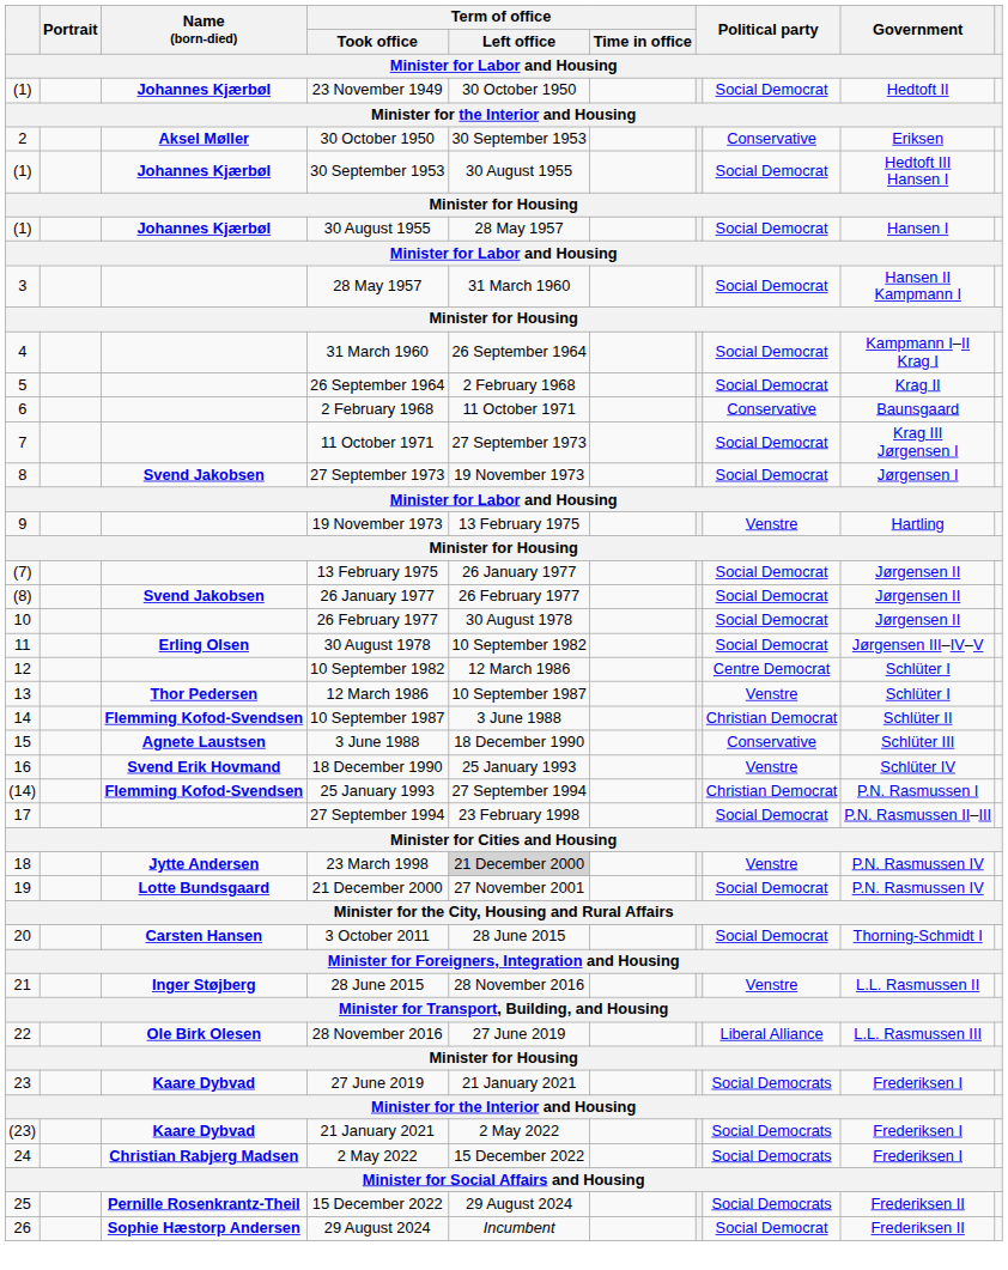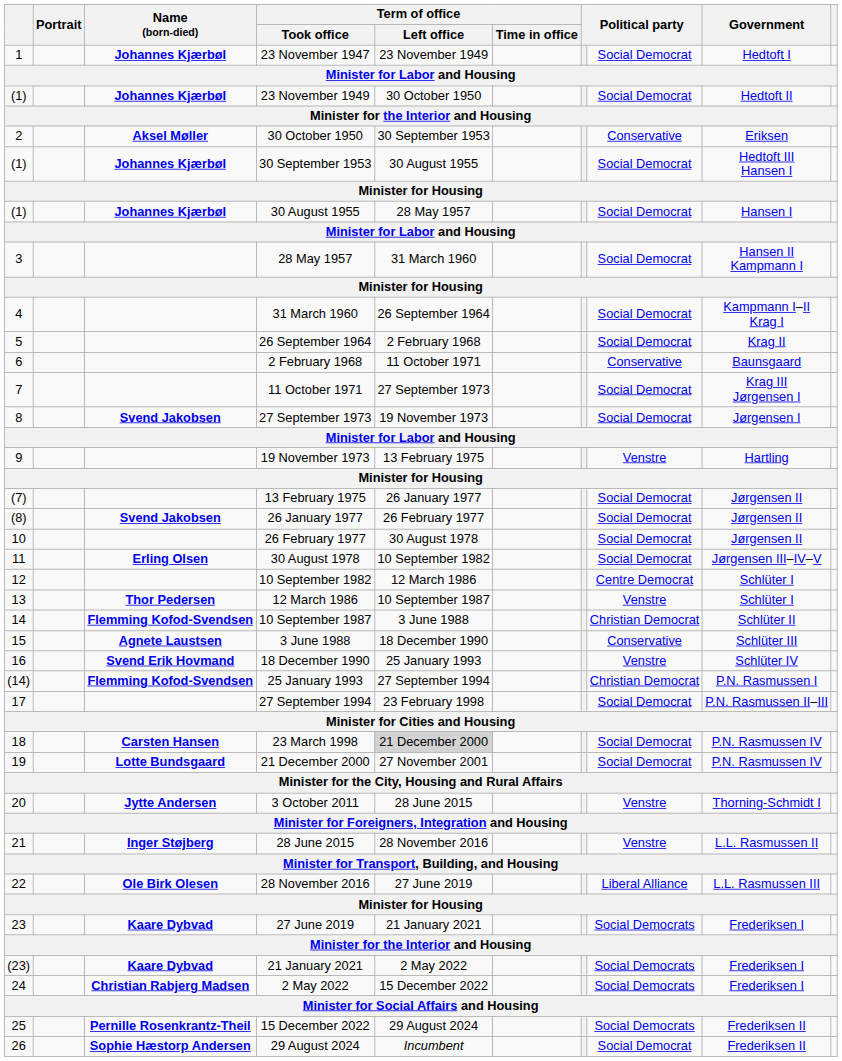 <table class="wikitable" style="text-align:center;">
 <tr>
 <th rowspan=2></th>
 <th rowspan=2>Portrait</th>
 <th rowspan=2>Name<br><small>(born-died)</small></th>
 <th colspan=3>Term of office</th>
 <th colspan=2 rowspan=2>Political party</th>
 <th rowspan=2>Government</th>
 <th rowspan=2></th>
 </tr>
 <tr>
 <th>Took office</th>
 <th>Left office</th>
 <th>Time in office</th>
+</tr>
+<tr>
+<td>1</td>
+<td></td>
+<td><strong><a href='#'>Johannes Kjærbøl</a></strong><br></td>
+<td>23 November 1947</td>
+<td>23 November 1949</td>
+<td></td>
+<th style="background:"></th>
+<td><a href='#'>Social Democrat</a></td>
+<td><a href='#'>Hedtoft I</a></td>
+<td></td>
 </tr>
 <tr>
 <th colspan=10><a href='#'>Minister for Labor</a> and Housing<br></th>
 </tr>
 <tr>
 <td>(1)</td>
 <td></td>
 <td><strong><a href='#'>Johannes Kjærbøl</a></strong><br></td>
 <td>23 November 1949</td>
 <td>30 October 1950</td>
 <td></td>
 <th style="background:"></th>
 <td><a href='#'>Social Democrat</a></td>
 <td><a href='#'>Hedtoft II</a></td>
 <td></td>
 </tr>
 <tr>
 <th colspan=10>Minister for <a href='#'>the Interior</a> and Housing<br></th>
 </tr>
 <tr>
 <td>2</td>
 <td></td>
 <td><strong><a href='#'>Aksel Møller</a></strong><br></td>
 <td>30 October 1950</td>
 <td>30 September 1953</td>
 <td></td>
 <th style="background:"></th>
 <td><a href='#'>Conservative</a></td>
 <td><a href='#'>Eriksen</a></td>
 <td></td>
 </tr>
 <tr>
 <td>(1)</td>
 <td></td>
 <td><strong><a href='#'>Johannes Kjærbøl</a></strong><br></td>
 <td>30 September 1953</td>
 <td>30 August 1955</td>
 <td></td>
 <th style="background:"></th>
 <td><a href='#'>Social Democrat</a></td>
 <td><a href='#'>Hedtoft III</a><br><a href='#'>Hansen I</a></td>
 <td></td>
 </tr>
 <tr>
 <th colspan=10>Minister for Housing<br></th>
 </tr>
 <tr>
 <td>(1)</td>
 <td></td>
 <td><strong><a href='#'>Johannes Kjærbøl</a></strong><br></td>
 <td>30 August 1955</td>
 <td>28 May 1957</td>
 <td></td>
 <th style="background:"></th>
 <td><a href='#'>Social Democrat</a></td>
 <td><a href='#'>Hansen I</a></td>
 <td></td>
 </tr>
 <tr>
 <th colspan=10><a href='#'>Minister for Labor</a> and Housing<br></th>
 </tr>
 <tr>
 <td>3</td>
 <td></td>
 <td><strong></strong><br></td>
 <td>28 May 1957</td>
 <td>31 March 1960</td>
 <td></td>
 <th style="background:"></th>
 <td><a href='#'>Social Democrat</a></td>
 <td><a href='#'>Hansen II</a><br><a href='#'>Kampmann I</a></td>
 <td></td>
 </tr>
 <tr>
 <th colspan=10>Minister for Housing<br></th>
 </tr>
 <tr>
 <td>4</td>
 <td></td>
 <td><strong></strong><br></td>
 <td>31 March 1960</td>
 <td>26 September 1964</td>
 <td></td>
 <th style="background:"></th>
 <td><a href='#'>Social Democrat</a></td>
 <td><a href='#'>Kampmann I</a>–<a href='#'>II</a><br><a href='#'>Krag I</a></td>
 <td><br></td>
 </tr>
 <tr>
 <td>5</td>
 <td></td>
 <td><strong></strong><br></td>
 <td>26 September 1964</td>
 <td>2 February 1968</td>
 <td></td>
 <th style="background:"></th>
 <td><a href='#'>Social Democrat</a></td>
 <td><a href='#'>Krag II</a></td>
 <td></td>
 </tr>
 <tr>
 <td>6</td>
 <td></td>
 <td><strong></strong><br></td>
 <td>2 February 1968</td>
 <td>11 October 1971</td>
 <td></td>
 <th style="background:"></th>
 <td><a href='#'>Conservative</a></td>
 <td><a href='#'>Baunsgaard</a></td>
 <td></td>
 </tr>
 <tr>
 <td>7</td>
 <td></td>
 <td><strong></strong><br></td>
 <td>11 October 1971</td>
 <td>27 September 1973</td>
 <td></td>
 <th style="background:"></th>
 <td><a href='#'>Social Democrat</a></td>
 <td><a href='#'>Krag III</a><br><a href='#'>Jørgensen I</a></td>
 <td></td>
 </tr>
 <tr>
 <td>8</td>
 <td></td>
 <td><strong><a href='#'>Svend Jakobsen</a></strong><br></td>
 <td>27 September 1973</td>
 <td>19 November 1973</td>
 <td></td>
 <th style="background:"></th>
 <td><a href='#'>Social Democrat</a></td>
 <td><a href='#'>Jørgensen I</a></td>
 <td></td>
 </tr>
 <tr>
 <th colspan=10><a href='#'>Minister for Labor</a> and Housing<br></th>
 </tr>
 <tr>
 <td>9</td>
 <td></td>
 <td><strong></strong><br></td>
 <td>19 November 1973</td>
 <td>13 February 1975</td>
 <td></td>
 <th style="background:"></th>
 <td><a href='#'>Venstre</a></td>
 <td><a href='#'>Hartling</a></td>
 <td></td>
 </tr>
 <tr>
 <th colspan=10>Minister for Housing<br></th>
 </tr>
 <tr>
 <td>(7)</td>
 <td></td>
 <td><strong></strong><br></td>
 <td>13 February 1975</td>
 <td>26 January 1977</td>
 <td></td>
 <th style="background:"></th>
 <td><a href='#'>Social Democrat</a></td>
 <td><a href='#'>Jørgensen II</a></td>
 <td></td>
 </tr>
 <tr>
 <td>(8)</td>
 <td></td>
 <td><strong><a href='#'>Svend Jakobsen</a></strong><br></td>
 <td>26 January 1977</td>
 <td>26 February 1977</td>
 <td></td>
 <th style="background:"></th>
 <td><a href='#'>Social Democrat</a></td>
 <td><a href='#'>Jørgensen II</a></td>
 <td></td>
 </tr>
 <tr>
 <td>10</td>
 <td></td>
 <td><strong></strong><br></td>
 <td>26 February 1977</td>
 <td>30 August 1978</td>
 <td></td>
 <th style="background:"></th>
 <td><a href='#'>Social Democrat</a></td>
 <td><a href='#'>Jørgensen II</a></td>
 <td></td>
 </tr>
 <tr>
 <td>11</td>
 <td></td>
 <td><strong><a href='#'>Erling Olsen</a></strong><br></td>
 <td>30 August 1978</td>
 <td>10 September 1982</td>
 <td></td>
 <th style="background:"></th>
 <td><a href='#'>Social Democrat</a></td>
 <td><a href='#'>Jørgensen III</a>–<a href='#'>IV</a>–<a href='#'>V</a></td>
 <td><br></td>
 </tr>
 <tr>
 <td>12</td>
 <td></td>
 <td><strong></strong><br></td>
 <td>10 September 1982</td>
 <td>12 March 1986</td>
 <td></td>
 <th style="background:"></th>
 <td><a href='#'>Centre Democrat</a></td>
 <td><a href='#'>Schlüter I</a></td>
 <td></td>
 </tr>
 <tr>
 <td>13</td>
 <td></td>
 <td><strong><a href='#'>Thor Pedersen</a></strong><br></td>
 <td>12 March 1986</td>
 <td>10 September 1987</td>
 <td></td>
 <th style="background:"></th>
 <td><a href='#'>Venstre</a></td>
 <td><a href='#'>Schlüter I</a></td>
 <td></td>
 </tr>
 <tr>
 <td>14</td>
 <td></td>
 <td><strong><a href='#'>Flemming Kofod-Svendsen</a></strong><br></td>
 <td>10 September 1987</td>
 <td>3 June 1988</td>
 <td></td>
 <th style="background:"></th>
 <td><a href='#'>Christian Democrat</a></td>
 <td><a href='#'>Schlüter II</a></td>
 <td></td>
 </tr>
 <tr>
 <td>15</td>
 <td></td>
 <td><strong><a href='#'>Agnete Laustsen</a></strong><br></td>
 <td>3 June 1988</td>
 <td>18 December 1990</td>
 <td></td>
 <th style="background:"></th>
 <td><a href='#'>Conservative</a></td>
 <td><a href='#'>Schlüter III</a></td>
 <td></td>
 </tr>
 <tr>
 <td>16</td>
 <td></td>
 <td><strong><a href='#'>Svend Erik Hovmand</a></strong><br></td>
 <td>18 December 1990</td>
 <td>25 January 1993</td>
 <td></td>
 <th style="background:"></th>
 <td><a href='#'>Venstre</a></td>
 <td><a href='#'>Schlüter IV</a></td>
 <td></td>
 </tr>
 <tr>
 <td>(14)</td>
 <td></td>
 <td><strong><a href='#'>Flemming Kofod-Svendsen</a></strong><br></td>
 <td>25 January 1993</td>
 <td>27 September 1994</td>
 <td></td>
 <th style="background:"></th>
 <td><a href='#'>Christian Democrat</a></td>
 <td><a href='#'>P.N. Rasmussen I</a></td>
 <td></td>
 </tr>
 <tr>
 <td>17</td>
 <td></td>
 <td><strong></strong><br></td>
 <td>27 September 1994</td>
 <td>23 February 1998</td>
 <td></td>
 <th style="background:"></th>
 <td><a href='#'>Social Democrat</a></td>
 <td><a href='#'>P.N. Rasmussen II</a>–<a href='#'>III</a></td>
 <td></td>
 </tr>
 <tr>
 <th colspan=10>Minister for Cities and Housing<br></th>
 </tr>
 <tr>
 <td>18</td>
 <td></td>
-<td><strong><a href='#'>Jytte Andersen</a></strong><br></td>
+<td><strong><a href='#'>Carsten Hansen</a></strong><br></td>
 <td>23 March 1998</td>
 <td style="background: lightgrey;">21 December 2000</td>
 <td></td>
 <th style="background:"></th>
-<td><a href='#'>Venstre</a></td>
+<td><a href='#'>Social Democrat</a></td>
 <td><a href='#'>P.N. Rasmussen IV</a></td>
 <td></td>
 </tr>
 <tr>
 <td>19</td>
 <td></td>
 <td><strong><a href='#'>Lotte Bundsgaard</a></strong><br></td>
 <td>21 December 2000</td>
 <td>27 November 2001</td>
 <td></td>
 <th style="background:"></th>
 <td><a href='#'>Social Democrat</a></td>
 <td><a href='#'>P.N. Rasmussen IV</a></td>
 <td></td>
 </tr>
 <tr>
 <th colspan=10>Minister for the City, Housing and Rural Affairs<br></th>
 </tr>
 <tr>
 <td>20</td>
 <td></td>
-<td><strong><a href='#'>Carsten Hansen</a></strong><br></td>
+<td><strong><a href='#'>Jytte Andersen</a></strong><br></td>
 <td>3 October 2011</td>
 <td>28 June 2015</td>
 <td></td>
 <th style="background:"></th>
-<td><a href='#'>Social Democrat</a></td>
+<td><a href='#'>Venstre</a></td>
 <td><a href='#'>Thorning-Schmidt I</a></td>
 <td></td>
 </tr>
 <tr>
 <th colspan=10><a href='#'>Minister for Foreigners, Integration</a> and Housing<br></th>
 </tr>
 <tr>
 <td>21</td>
 <td></td>
 <td><strong><a href='#'>Inger Støjberg</a></strong><br></td>
 <td>28 June 2015</td>
 <td>28 November 2016</td>
 <td></td>
 <th style="background:"></th>
 <td><a href='#'>Venstre</a></td>
 <td><a href='#'>L.L. Rasmussen II</a></td>
 <td></td>
 </tr>
 <tr>
 <th colspan=10><a href='#'>Minister for Transport</a>, Building, and Housing<br></th>
 </tr>
 <tr>
 <td>22</td>
 <td></td>
 <td><strong><a href='#'>Ole Birk Olesen</a></strong><br></td>
 <td>28 November 2016</td>
 <td>27 June 2019</td>
 <td></td>
 <th style="background:"></th>
 <td><a href='#'>Liberal Alliance</a></td>
 <td><a href='#'>L.L. Rasmussen III</a></td>
 <td></td>
 </tr>
 <tr>
 <th colspan=10>Minister for Housing<br></th>
 </tr>
 <tr>
 <td>23</td>
 <td></td>
 <td><strong><a href='#'>Kaare Dybvad</a></strong><br></td>
 <td>27 June 2019</td>
 <td>21 January 2021</td>
 <td></td>
 <th style="background:"></th>
 <td><a href='#'>Social Democrats</a></td>
 <td><a href='#'>Frederiksen I</a></td>
 <td></td>
 </tr>
 <tr>
 <th colspan=10><a href='#'>Minister for the Interior</a> and Housing<br></th>
 </tr>
 <tr>
 <td>(23)</td>
 <td></td>
 <td><strong><a href='#'>Kaare Dybvad</a></strong><br></td>
 <td>21 January 2021</td>
 <td>2 May 2022</td>
 <td></td>
 <th style="background:"></th>
 <td><a href='#'>Social Democrats</a></td>
 <td><a href='#'>Frederiksen I</a></td>
 <td></td>
 </tr>
 <tr>
 <td>24</td>
 <td></td>
 <td><strong><a href='#'>Christian Rabjerg Madsen</a></strong><br></td>
 <td>2 May 2022</td>
 <td>15 December 2022</td>
 <td></td>
 <th style="background:"></th>
 <td><a href='#'>Social Democrats</a></td>
 <td><a href='#'>Frederiksen I</a></td>
 <td></td>
 </tr>
 <tr>
 <th colspan=10><a href='#'>Minister for Social Affairs</a> and Housing<br></th>
 </tr>
 <tr>
 <td>25</td>
 <td></td>
 <td><strong><a href='#'>Pernille Rosenkrantz-Theil</a></strong><br></td>
 <td>15 December 2022</td>
 <td>29 August 2024</td>
 <td></td>
 <th style="background:"></th>
 <td><a href='#'>Social Democrats</a></td>
 <td><a href='#'>Frederiksen II</a></td>
 <td></td>
 </tr>
 <tr>
 <td>26</td>
 <td></td>
 <td><strong><a href='#'>Sophie Hæstorp Andersen</a></strong><br></td>
 <td>29 August 2024</td>
 <td><em>Incumbent</em></td>
 <td></td>
 <th style="background:"></th>
 <td><a href='#'>Social Democrat</a></td>
 <td><a href='#'>Frederiksen II</a></td>
 <td></td>
 </tr>
 </table>
